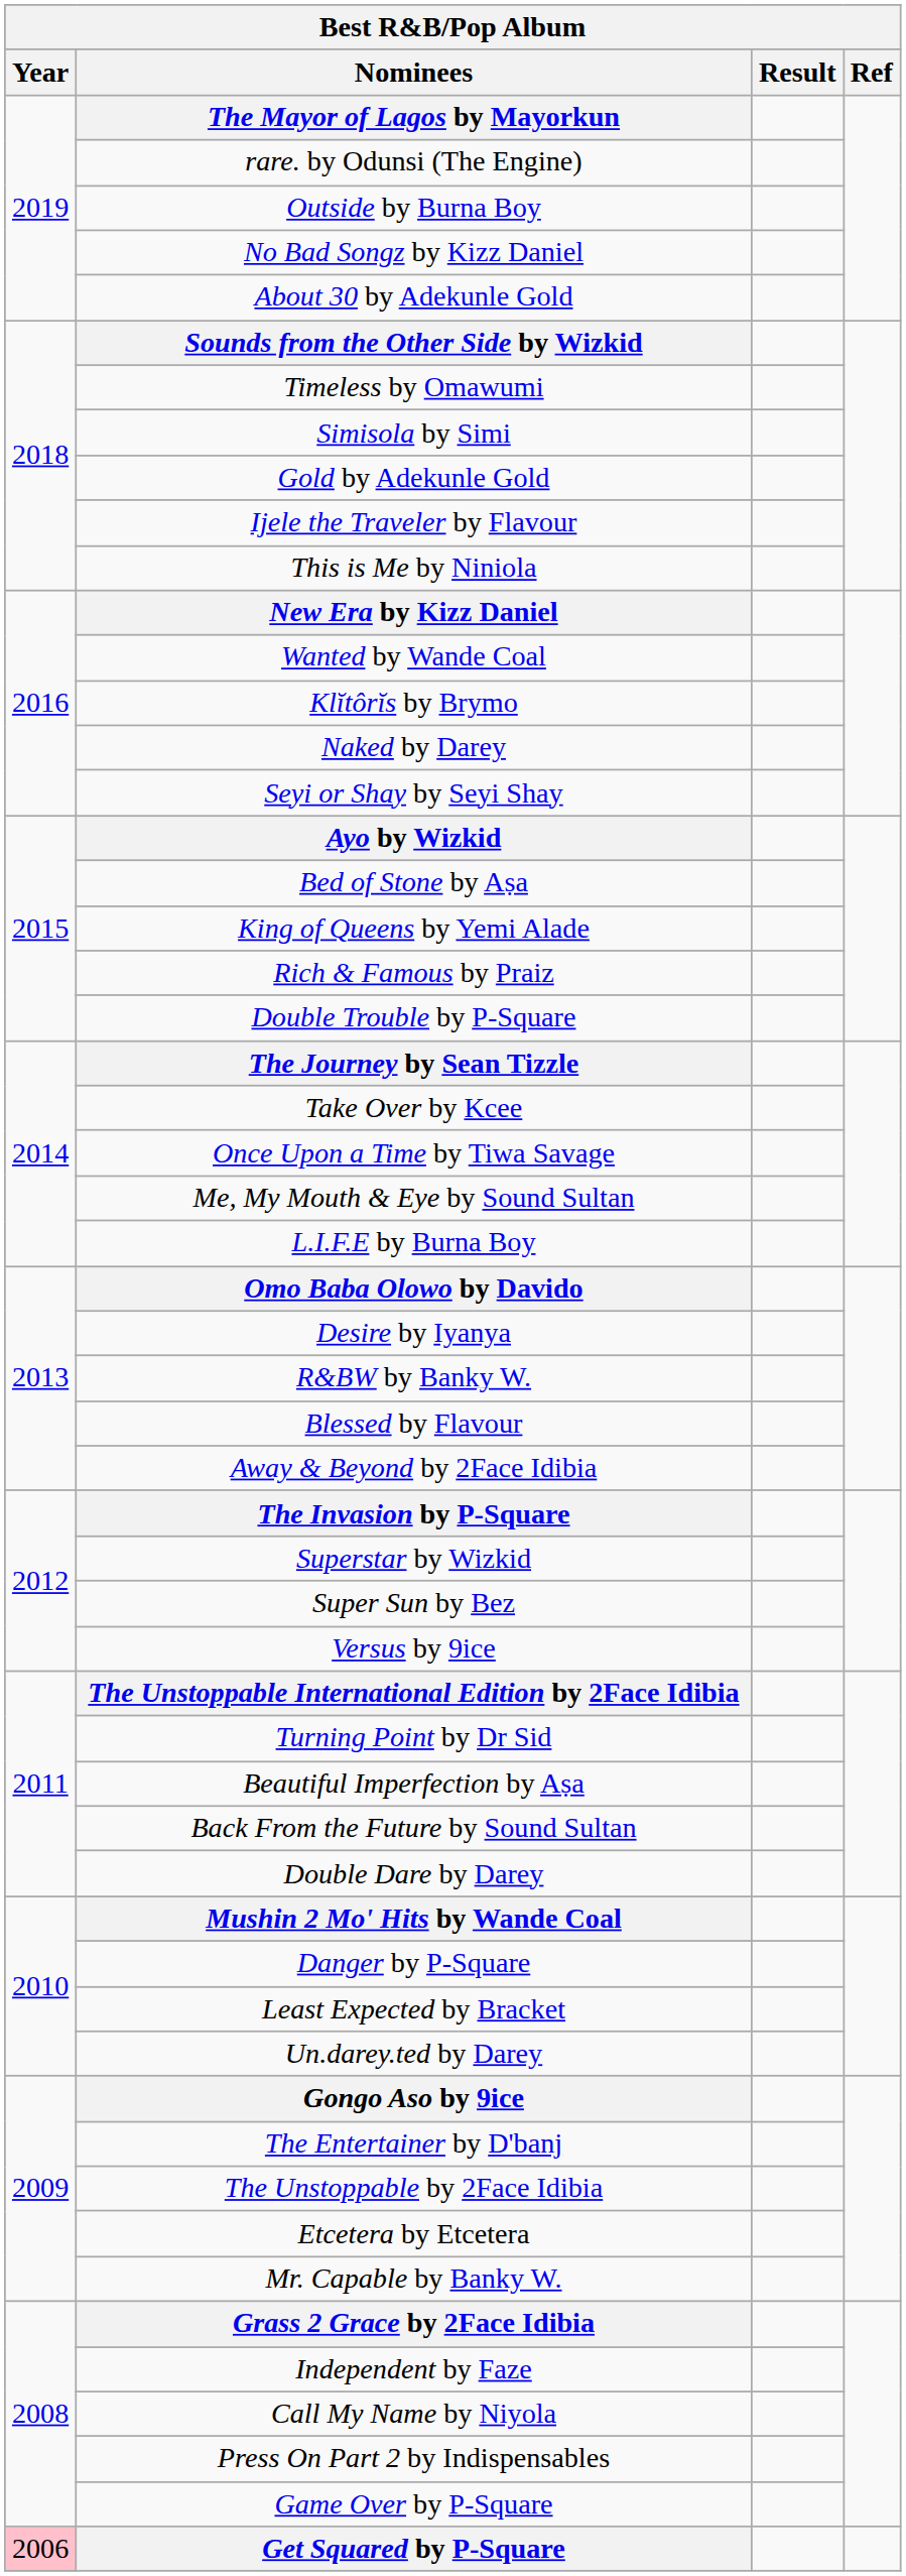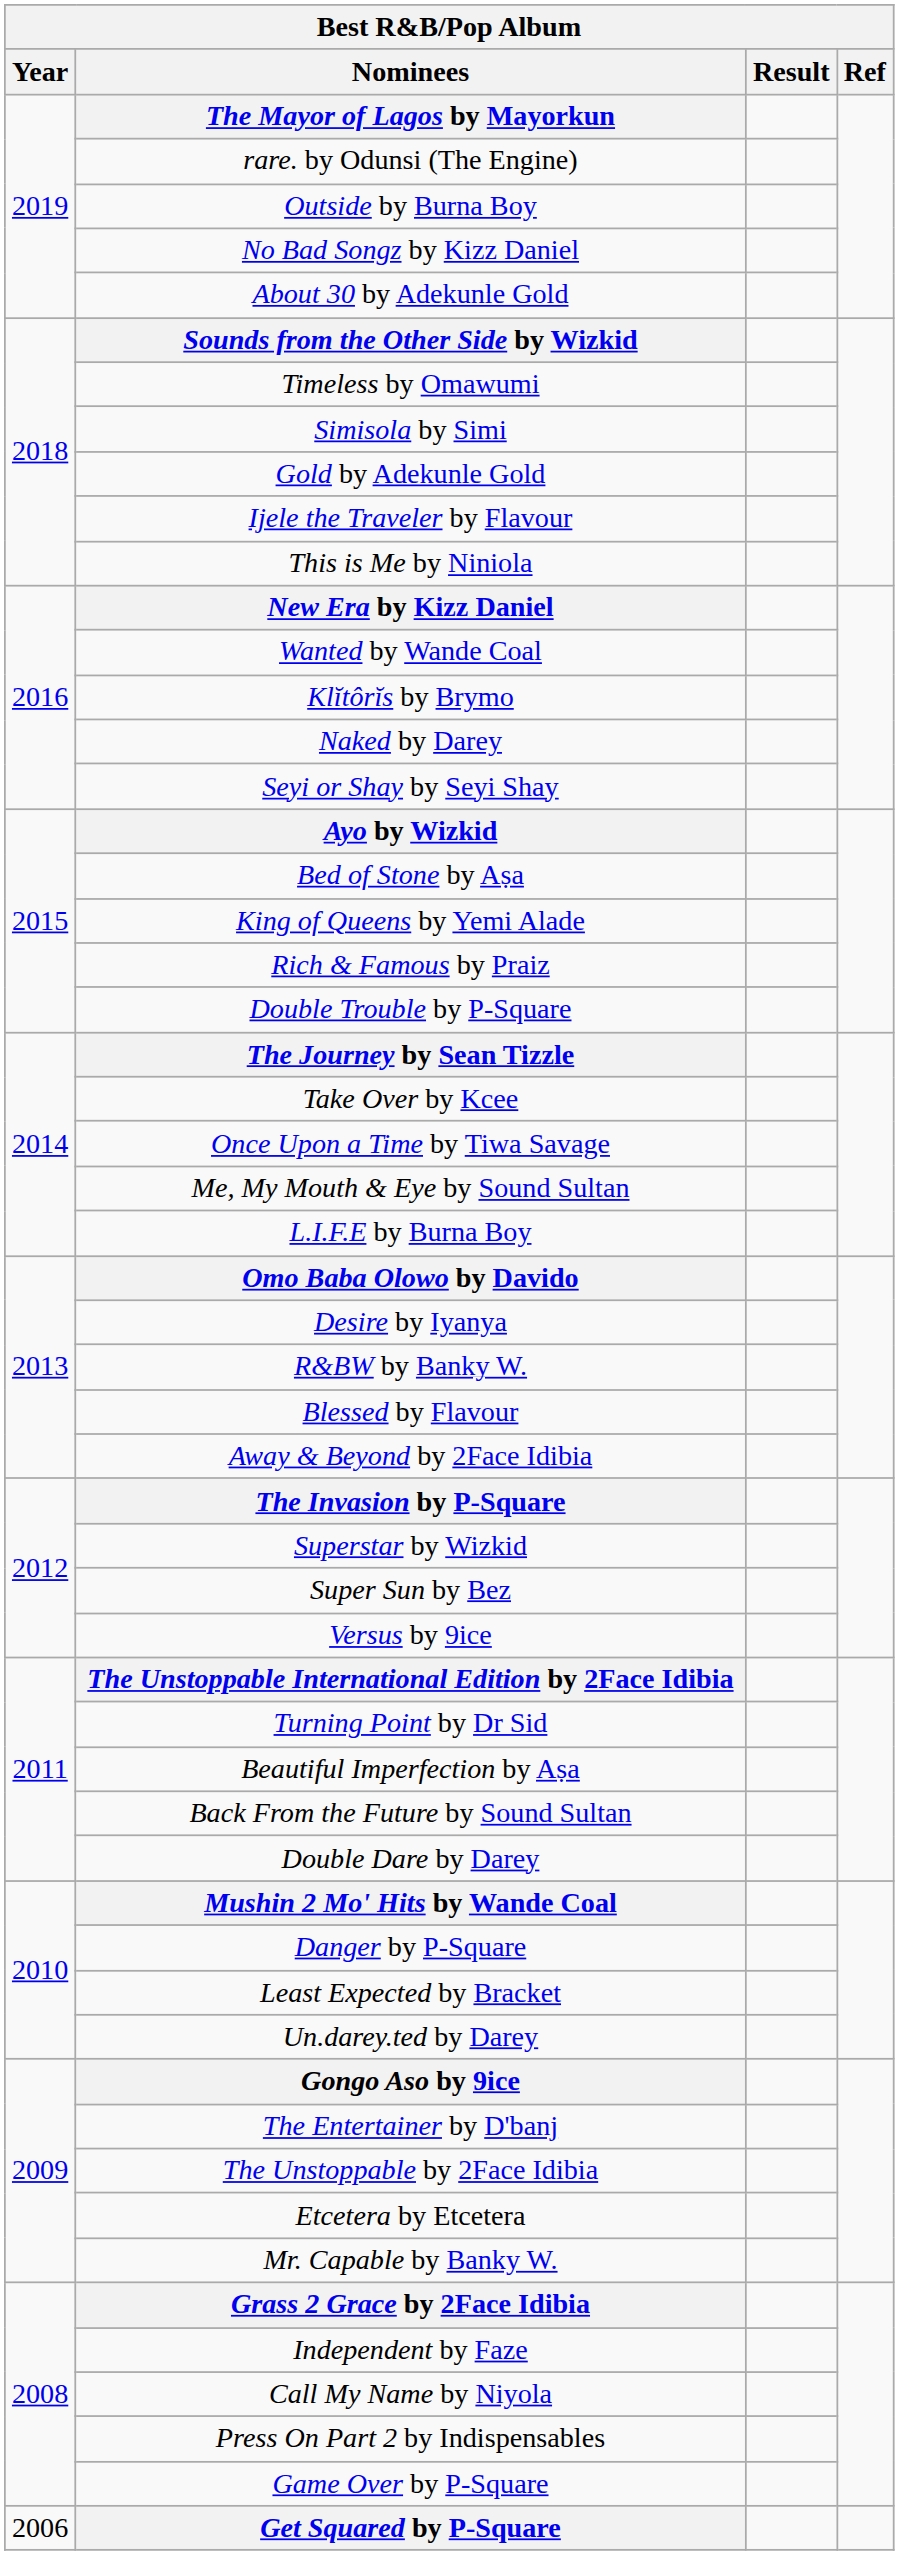 <table class="wikitable" style="text-align:center; width:40%;">
 <tr>
 <th colspan="4">Best R&B/Pop Album</th>
 </tr>
 <tr>
 <th>Year</th>
 <th>Nominees</th>
 <th>Result</th>
 <th>Ref</th>
 </tr>
 <tr>
 <td rowspan="5"><a href='#'>2019</a></td>
 <th><em><a href='#'>The Mayor of Lagos</a></em> by <a href='#'>Mayorkun</a></th>
 <td></td>
 <td rowspan="5"></td>
 </tr>
 <tr>
 <td><em>rare.</em> by Odunsi (The Engine)</td>
 <td></td>
 </tr>
 <tr>
 <td><em><a href='#'>Outside</a></em> by <a href='#'>Burna Boy</a></td>
 <td></td>
 </tr>
 <tr>
 <td><em><a href='#'>No Bad Songz</a></em> by <a href='#'>Kizz Daniel</a></td>
 <td></td>
 </tr>
 <tr>
 <td><em><a href='#'>About 30</a></em> by <a href='#'>Adekunle Gold</a></td>
 <td></td>
 </tr>
 <tr>
 <td rowspan="6"><a href='#'>2018</a></td>
 <th><em><a href='#'>Sounds from the Other Side</a></em> by <a href='#'>Wizkid</a></th>
 <td></td>
 <td rowspan="6"></td>
 </tr>
 <tr>
 <td><em>Timeless</em> by <a href='#'>Omawumi</a></td>
 <td></td>
 </tr>
 <tr>
 <td><em><a href='#'>Simisola</a></em> by <a href='#'>Simi</a></td>
 <td></td>
 </tr>
 <tr>
 <td><em><a href='#'>Gold</a></em> by <a href='#'>Adekunle Gold</a></td>
 <td></td>
 </tr>
 <tr>
 <td><em><a href='#'>Ijele the Traveler</a></em> by <a href='#'>Flavour</a></td>
 <td></td>
 </tr>
 <tr>
 <td><em>This is Me</em> by <a href='#'>Niniola</a></td>
 <td></td>
 </tr>
 <tr>
 <td rowspan="5"><a href='#'>2016</a></td>
 <th><em><a href='#'>New Era</a></em> by <a href='#'>Kizz Daniel</a></th>
 <td></td>
 <td rowspan="5"></td>
 </tr>
 <tr>
 <td><em><a href='#'>Wanted</a></em> by <a href='#'>Wande Coal</a></td>
 <td></td>
 </tr>
 <tr>
 <td><em><a href='#'>Klĭtôrĭs</a></em> by <a href='#'>Brymo</a></td>
 <td></td>
 </tr>
 <tr>
 <td><em><a href='#'>Naked</a></em> by <a href='#'>Darey</a></td>
 <td></td>
 </tr>
 <tr>
 <td><em><a href='#'>Seyi or Shay</a></em> by <a href='#'>Seyi Shay</a></td>
 <td></td>
 </tr>
 <tr>
 <td rowspan="5"><a href='#'>2015</a></td>
 <th><em><a href='#'>Ayo</a></em> by <a href='#'>Wizkid</a></th>
 <td></td>
 <td rowspan="5"></td>
 </tr>
 <tr>
 <td><em><a href='#'>Bed of Stone</a></em> by <a href='#'>Aṣa</a></td>
 <td></td>
 </tr>
 <tr>
 <td><em><a href='#'>King of Queens</a></em> by <a href='#'>Yemi Alade</a></td>
 <td></td>
 </tr>
 <tr>
 <td><em><a href='#'>Rich & Famous</a></em> by <a href='#'>Praiz</a></td>
 <td></td>
 </tr>
 <tr>
 <td><em><a href='#'>Double Trouble</a></em> by <a href='#'>P-Square</a></td>
 <td></td>
 </tr>
 <tr>
 <td rowspan="5"><a href='#'>2014</a></td>
 <th><em><a href='#'>The Journey</a></em> by <a href='#'>Sean Tizzle</a></th>
 <td></td>
 <td rowspan="5"></td>
 </tr>
 <tr>
 <td><em>Take Over</em> by <a href='#'>Kcee</a></td>
 <td></td>
 </tr>
 <tr>
 <td><em><a href='#'>Once Upon a Time</a></em> by <a href='#'>Tiwa Savage</a></td>
 <td></td>
 </tr>
 <tr>
 <td><em>Me, My Mouth & Eye</em> by <a href='#'>Sound Sultan</a></td>
 <td></td>
 </tr>
 <tr>
 <td><em><a href='#'>L.I.F.E</a></em> by <a href='#'>Burna Boy</a></td>
 <td></td>
 </tr>
 <tr>
 <td rowspan="5"><a href='#'>2013</a></td>
 <th><em><a href='#'>Omo Baba Olowo</a></em> by <a href='#'>Davido</a></th>
 <td></td>
 <td rowspan="5"></td>
 </tr>
 <tr>
 <td><em><a href='#'>Desire</a></em> by <a href='#'>Iyanya</a></td>
 <td></td>
 </tr>
 <tr>
 <td><em><a href='#'>R&BW</a></em> by <a href='#'>Banky W.</a></td>
 <td></td>
 </tr>
 <tr>
 <td><em><a href='#'>Blessed</a></em> by <a href='#'>Flavour</a></td>
 <td></td>
 </tr>
 <tr>
 <td><em><a href='#'>Away & Beyond</a></em> by <a href='#'>2Face Idibia</a></td>
 <td></td>
 </tr>
 <tr>
 <td rowspan="4"><a href='#'>2012</a></td>
 <th><em><a href='#'>The Invasion</a></em> by <a href='#'>P-Square</a></th>
 <td></td>
 <td rowspan="4"></td>
 </tr>
 <tr>
 <td><em><a href='#'>Superstar</a></em> by <a href='#'>Wizkid</a></td>
 <td></td>
 </tr>
 <tr>
 <td><em>Super Sun</em> by <a href='#'>Bez</a></td>
 <td></td>
 </tr>
 <tr>
 <td><em><a href='#'>Versus</a></em> by <a href='#'>9ice</a></td>
 <td></td>
 </tr>
 <tr>
 <td rowspan="5"><a href='#'>2011</a></td>
 <th><em><a href='#'>The Unstoppable International Edition</a></em> by <a href='#'>2Face Idibia</a></th>
 <td></td>
 <td rowspan="5"></td>
 </tr>
 <tr>
 <td><em><a href='#'>Turning Point</a></em> by <a href='#'>Dr Sid</a></td>
 <td></td>
 </tr>
 <tr>
 <td><em>Beautiful Imperfection</em> by <a href='#'>Aṣa</a></td>
 <td></td>
 </tr>
 <tr>
 <td><em>Back From the Future</em> by <a href='#'>Sound Sultan</a></td>
 <td></td>
 </tr>
 <tr>
 <td><em>Double Dare</em> by <a href='#'>Darey</a></td>
 <td></td>
 </tr>
 <tr>
 <td rowspan="4"><a href='#'>2010</a></td>
 <th><em><a href='#'>Mushin 2 Mo' Hits</a></em> by <a href='#'>Wande Coal</a></th>
 <td></td>
 <td rowspan="4"></td>
 </tr>
 <tr>
 <td><em><a href='#'>Danger</a></em> by <a href='#'>P-Square</a></td>
 <td></td>
 </tr>
 <tr>
 <td><em>Least Expected</em> by <a href='#'>Bracket</a></td>
 <td></td>
 </tr>
 <tr>
 <td><em>Un.darey.ted</em> by <a href='#'>Darey</a></td>
 <td></td>
 </tr>
 <tr>
 <td rowspan="5"><a href='#'>2009</a></td>
 <th><em>Gongo Aso</em> by <a href='#'>9ice</a></th>
 <td></td>
 <td rowspan="5"></td>
 </tr>
 <tr>
 <td><em><a href='#'>The Entertainer</a></em> by <a href='#'>D'banj</a></td>
 <td></td>
 </tr>
 <tr>
 <td><em><a href='#'>The Unstoppable</a></em> by <a href='#'>2Face Idibia</a></td>
 <td></td>
 </tr>
 <tr>
 <td><em>Etcetera</em> by Etcetera</td>
 <td></td>
 </tr>
 <tr>
 <td><em>Mr. Capable</em> by <a href='#'>Banky W.</a></td>
 <td></td>
 </tr>
 <tr>
 <td rowspan="5"><a href='#'>2008</a></td>
 <th><em><a href='#'>Grass 2 Grace</a></em> by <a href='#'>2Face Idibia</a></th>
 <td></td>
 <td rowspan="5"></td>
 </tr>
 <tr>
 <td><em>Independent</em> by <a href='#'>Faze</a></td>
 <td></td>
 </tr>
 <tr>
 <td><em>Call My Name</em> by <a href='#'>Niyola</a></td>
 <td></td>
 </tr>
 <tr>
 <td><em>Press On Part 2</em> by Indispensables</td>
 <td></td>
 </tr>
 <tr>
 <td><em><a href='#'>Game Over</a></em> by <a href='#'>P-Square</a></td>
 <td></td>
 </tr>
 <tr>
-<td style="background: pink;">2006</td>
+<td>2006</td>
 <th><em><a href='#'>Get Squared</a></em> by <a href='#'>P-Square</a></th>
 <td></td>
 <td></td>
 </tr>
 </table>
